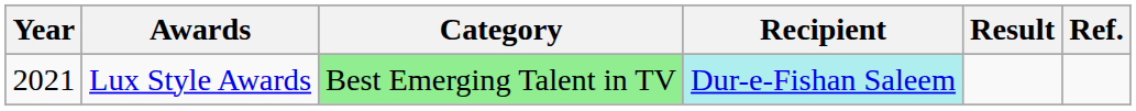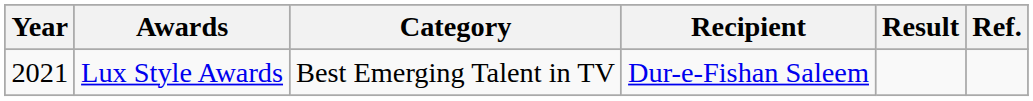 <table class="sortable wikitable">
 <tr>
 <th>Year</th>
 <th>Awards</th>
 <th>Category</th>
 <th>Recipient</th>
 <th>Result</th>
 <th>Ref.</th>
 </tr>
 <tr>
 <td rowspan="9">2021</td>
 <td rowspan="9"><a href='#'>Lux Style Awards</a></td>
-<td style="background: lightgreen;">Best Emerging Talent in TV</td>
-<td style="background: paleturquoise;"><a href='#'>Dur-e-Fishan Saleem</a></td>
+<td>Best Emerging Talent in TV</td>
+<td><a href='#'>Dur-e-Fishan Saleem</a></td>
 <td></td>
 <td rowspan="9"></td>
 </tr>
 </table>
